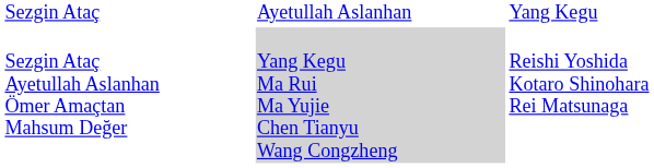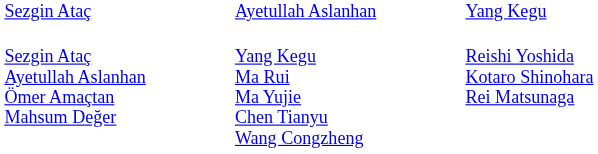 <table>
 <tr>
 <td><a href='#'>Sezgin Ataç</a><br></td>
 <td><a href='#'>Ayetullah Aslanhan</a><br></td>
 <td><a href='#'>Yang Kegu</a><br></td>
 </tr>
 <tr>
 <td width=200 valign=top><br><a href='#'>Sezgin Ataç</a><br><a href='#'>Ayetullah Aslanhan</a><br><a href='#'>Ömer Amaçtan</a><br><a href='#'>Mahsum Değer</a></td>
-<td width=200 valign=top style="background: lightgrey;"><br><a href='#'>Yang Kegu</a><br><a href='#'>Ma Rui</a><br><a href='#'>Ma Yujie</a><br><a href='#'>Chen Tianyu</a><br><a href='#'>Wang Congzheng</a></td>
+<td width=200 valign=top><br><a href='#'>Yang Kegu</a><br><a href='#'>Ma Rui</a><br><a href='#'>Ma Yujie</a><br><a href='#'>Chen Tianyu</a><br><a href='#'>Wang Congzheng</a></td>
 <td width=200 valign=top><br><a href='#'>Reishi Yoshida</a><br><a href='#'>Kotaro Shinohara</a><br><a href='#'>Rei Matsunaga</a></td>
 </tr>
 </table>
